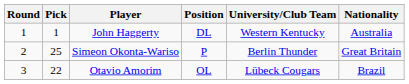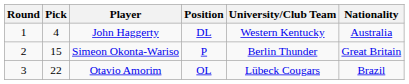 <table class="wikitable" style="font-size: 95%;">
 <tr>
 <th scope="col">Round</th>
 <th scope="col">Pick</th>
 <th scope="col">Player</th>
 <th scope="col">Position</th>
 <th scope="col">University/Club Team</th>
 <th scope="col">Nationality</th>
 </tr>
 <tr align="center">
 <td align=center>1</td>
-<td>1</td>
+<td>4</td>
 <td><a href='#'>John Haggerty</a></td>
 <td><a href='#'>DL</a></td>
 <td><a href='#'>Western Kentucky</a></td>
 <td> <a href='#'>Australia</a></td>
 </tr>
 <tr align="center">
 <td align=center>2</td>
-<td>25</td>
+<td>15</td>
 <td><a href='#'>Simeon Okonta-Wariso</a></td>
 <td><a href='#'>P</a></td>
 <td><a href='#'>Berlin Thunder</a></td>
 <td> <a href='#'>Great Britain</a></td>
 </tr>
 <tr align="center">
 <td align=center>3</td>
 <td>22</td>
 <td><a href='#'>Otavio Amorim</a></td>
 <td><a href='#'>OL</a></td>
 <td><a href='#'>Lübeck Cougars</a></td>
 <td> <a href='#'>Brazil</a></td>
 </tr>
 </table>
